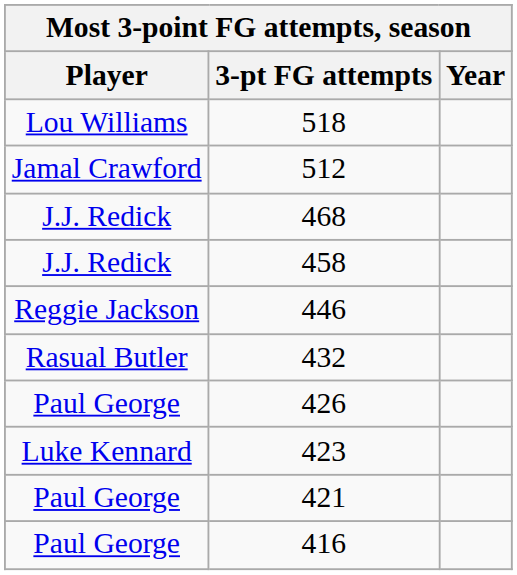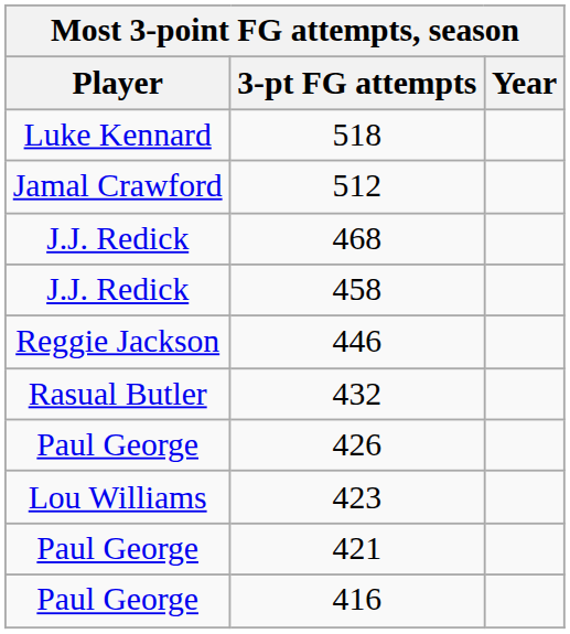 <table class="wikitable sortable" style="text-align:center">
 <tr>
 <th colspan="3">Most 3-point FG attempts, season</th>
 </tr>
 <tr>
 <th>Player</th>
 <th>3-pt FG attempts</th>
 <th>Year</th>
 </tr>
 <tr>
-<td><a href='#'>Lou Williams</a></td>
+<td><a href='#'>Luke Kennard</a></td>
 <td>518</td>
 <td></td>
 </tr>
 <tr>
 <td><a href='#'>Jamal Crawford</a></td>
 <td>512</td>
 <td></td>
 </tr>
 <tr>
 <td><a href='#'>J.J. Redick</a></td>
 <td>468</td>
 <td></td>
 </tr>
 <tr>
 <td><a href='#'>J.J. Redick</a></td>
 <td>458</td>
 <td></td>
 </tr>
 <tr>
 <td><a href='#'>Reggie Jackson</a></td>
 <td>446</td>
 <td></td>
 </tr>
 <tr>
 <td><a href='#'>Rasual Butler</a></td>
 <td>432</td>
 <td></td>
 </tr>
 <tr>
 <td><a href='#'>Paul George</a></td>
 <td>426</td>
 <td></td>
 </tr>
 <tr>
-<td><a href='#'>Luke Kennard</a></td>
+<td><a href='#'>Lou Williams</a></td>
 <td>423</td>
 <td></td>
 </tr>
 <tr>
 <td><a href='#'>Paul George</a></td>
 <td>421</td>
 <td></td>
 </tr>
 <tr>
 <td><a href='#'>Paul George</a></td>
 <td>416</td>
 <td></td>
 </tr>
 </table>
